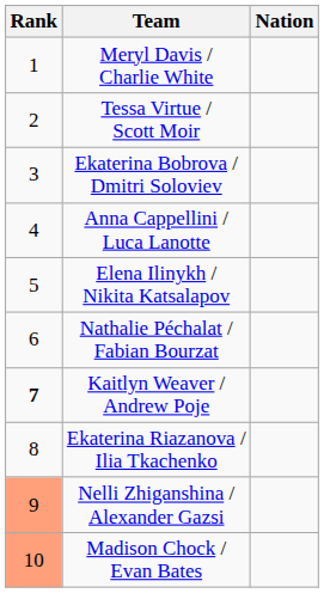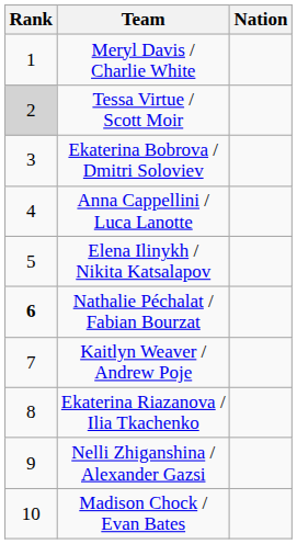 <table class="wikitable sortable" style="text-align: center;">
 <tr>
 <th rowspan="2">Rank</th>
 <th rowspan="2">Team</th>
 <th rowspan="2">Nation</th>
 </tr>
 <tr>
 </tr>
 <tr>
 <td>1</td>
 <td "style="text-align:" left;"><a href='#'>Meryl Davis</a> /<br> <a href='#'>Charlie White</a></td>
 <td></td>
 </tr>
 <tr>
-<td>2</td>
+<td style="background: lightgrey;">2</td>
 <td "style="text-align:" left;"><a href='#'>Tessa Virtue</a> /<br> <a href='#'>Scott Moir</a></td>
 <td></td>
 </tr>
 <tr>
 <td>3</td>
 <td "style="text-align:" left;"><a href='#'>Ekaterina Bobrova</a> /<br> <a href='#'>Dmitri Soloviev</a></td>
 <td></td>
 </tr>
 <tr>
 <td>4</td>
 <td "style="text-align:" left;"><a href='#'>Anna Cappellini</a> /<br> <a href='#'>Luca Lanotte</a></td>
 <td></td>
 </tr>
 <tr>
 <td>5</td>
 <td "style="text-align:" left;"><a href='#'>Elena Ilinykh</a> /<br> <a href='#'>Nikita Katsalapov</a></td>
 <td></td>
 </tr>
 <tr>
-<td>6</td>
+<td><strong>6</strong></td>
 <td "style="text-align:" left;"><a href='#'>Nathalie Péchalat</a> /<br> <a href='#'>Fabian Bourzat</a></td>
 <td></td>
 </tr>
 <tr>
-<td><strong>7</strong></td>
+<td>7</td>
 <td "style="text-align:" left;"><a href='#'>Kaitlyn Weaver</a> /<br> <a href='#'>Andrew Poje</a></td>
 <td></td>
 </tr>
 <tr>
 <td>8</td>
 <td "style="text-align:" left;"><a href='#'>Ekaterina Riazanova</a> /<br> <a href='#'>Ilia Tkachenko</a></td>
 <td></td>
 </tr>
 <tr>
-<td style="background: lightsalmon;">9</td>
+<td>9</td>
 <td "style="text-align:" left;"><a href='#'>Nelli Zhiganshina</a> /<br> <a href='#'>Alexander Gazsi</a></td>
 <td></td>
 </tr>
 <tr>
-<td style="background: lightsalmon;">10</td>
+<td>10</td>
 <td "style="text-align:" left;"><a href='#'>Madison Chock</a> /<br> <a href='#'>Evan Bates</a></td>
 <td></td>
 </tr>
 </table>
